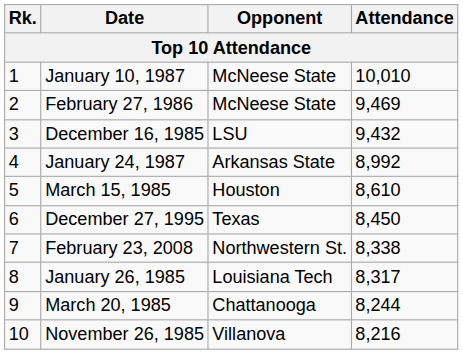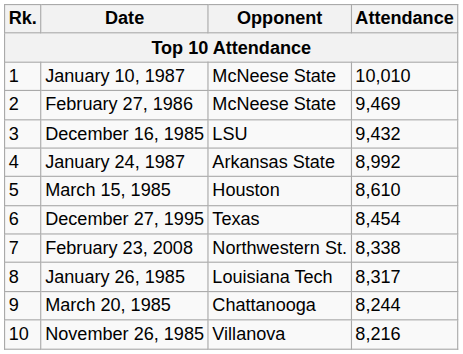 <table class="wikitable">
 <tr>
 <th>Rk.</th>
 <th>Date</th>
 <th>Opponent</th>
 <th>Attendance</th>
 </tr>
 <tr>
 <th colspan=4>Top 10 Attendance</th>
 </tr>
 <tr>
 <td>1</td>
 <td>January 10, 1987</td>
 <td>McNeese State</td>
 <td>10,010</td>
 </tr>
 <tr>
 <td>2</td>
 <td>February 27, 1986</td>
 <td>McNeese State</td>
 <td>9,469</td>
 </tr>
 <tr>
 <td>3</td>
 <td>December 16, 1985</td>
 <td>LSU</td>
 <td>9,432</td>
 </tr>
 <tr>
 <td>4</td>
 <td>January 24, 1987</td>
 <td>Arkansas State</td>
 <td>8,992</td>
 </tr>
 <tr>
 <td>5</td>
 <td>March 15, 1985</td>
 <td>Houston</td>
 <td>8,610</td>
 </tr>
 <tr>
 <td>6</td>
 <td>December 27, 1995</td>
 <td>Texas</td>
-<td>8,450</td>
+<td>8,454</td>
 </tr>
 <tr>
 <td>7</td>
 <td>February 23, 2008</td>
 <td>Northwestern St.</td>
 <td>8,338</td>
 </tr>
 <tr>
 <td>8</td>
 <td>January 26, 1985</td>
 <td>Louisiana Tech</td>
 <td>8,317</td>
 </tr>
 <tr>
 <td>9</td>
 <td>March 20, 1985</td>
 <td>Chattanooga</td>
 <td>8,244</td>
 </tr>
 <tr>
 <td>10</td>
 <td>November 26, 1985</td>
 <td>Villanova</td>
 <td>8,216</td>
 </tr>
 </table>
